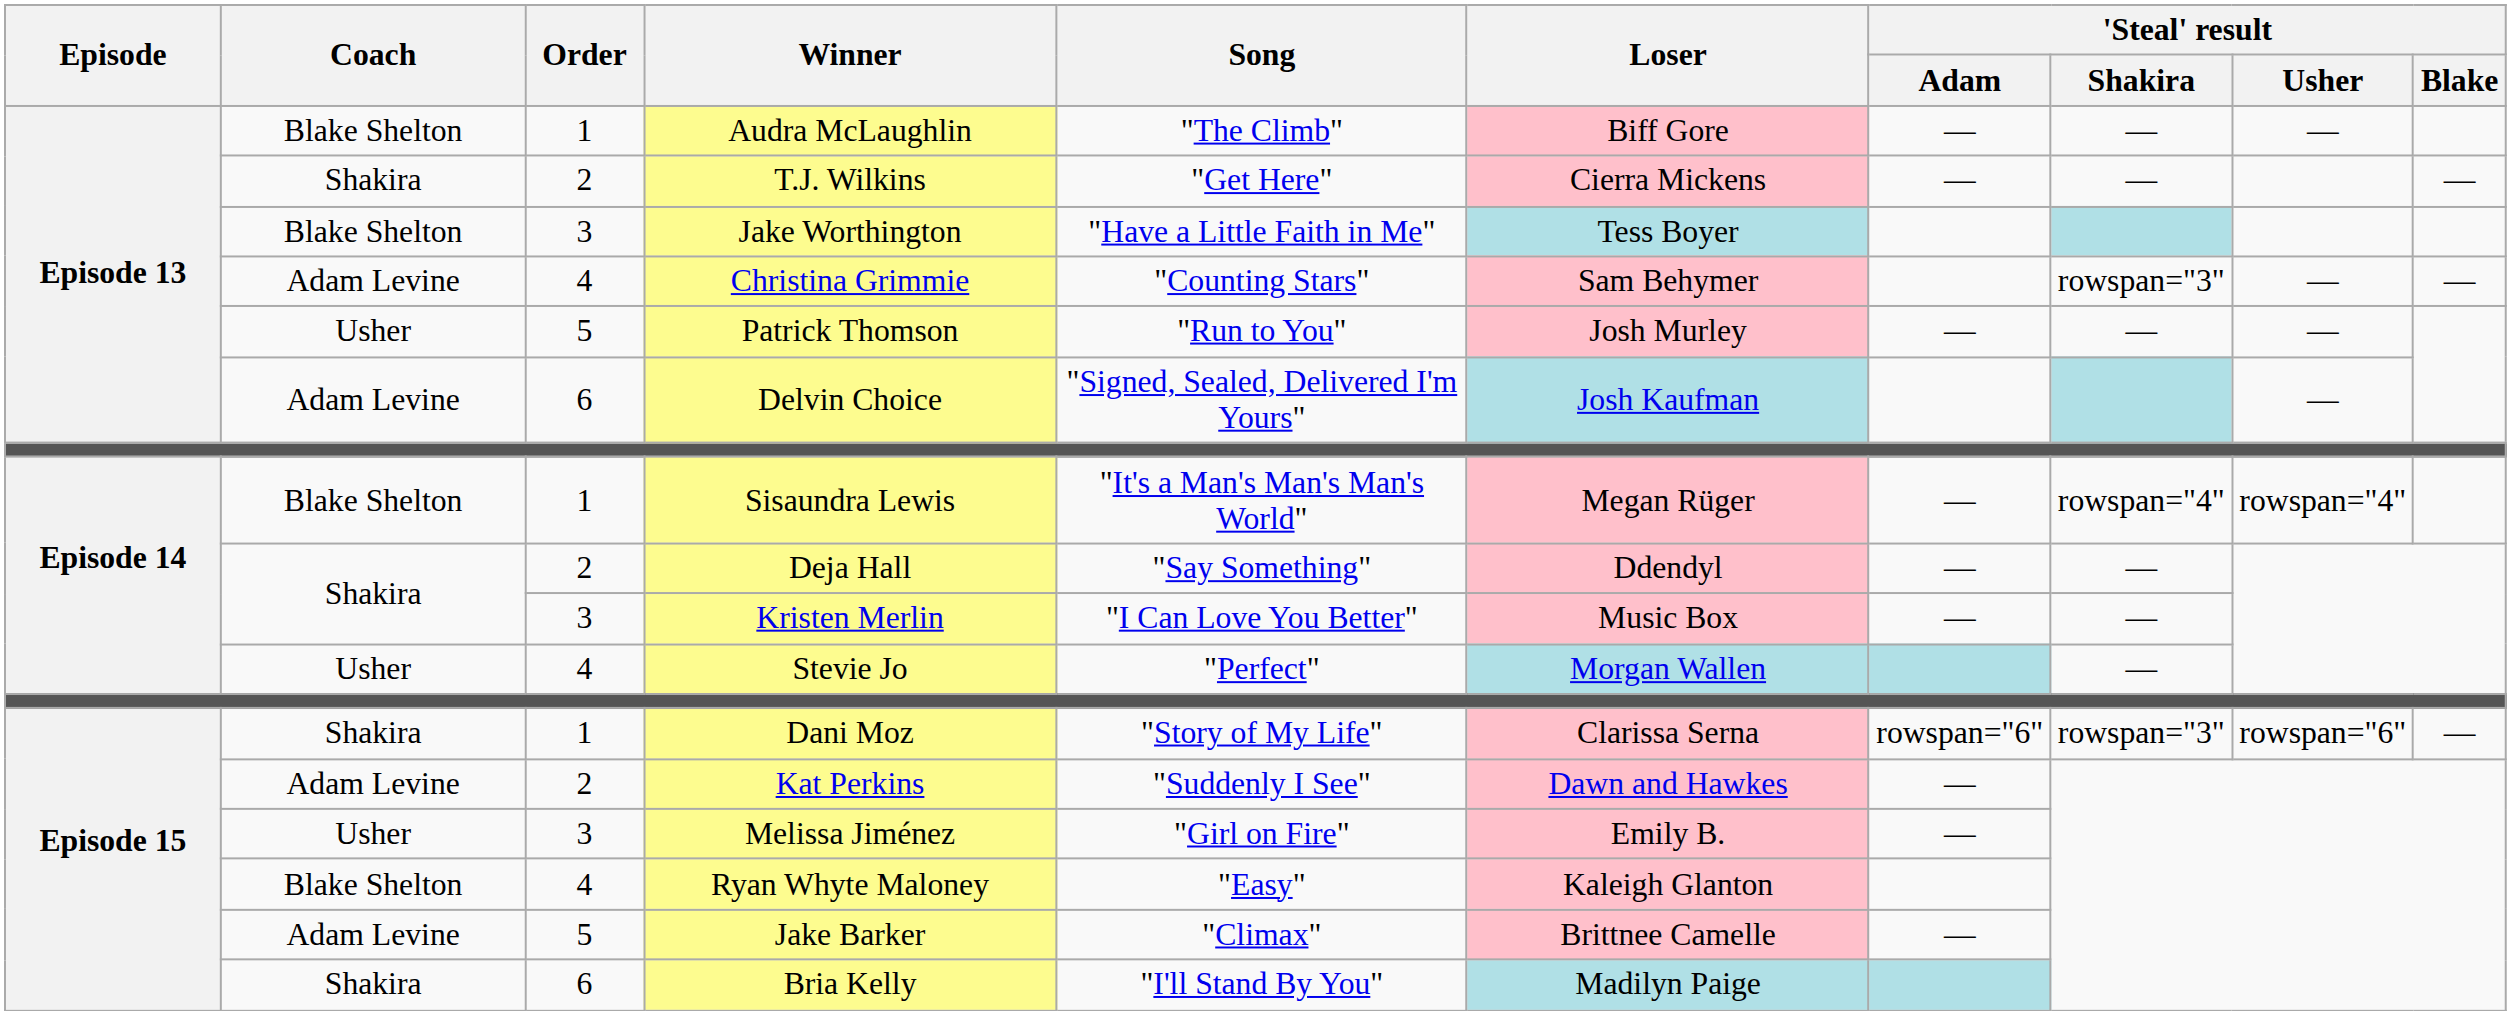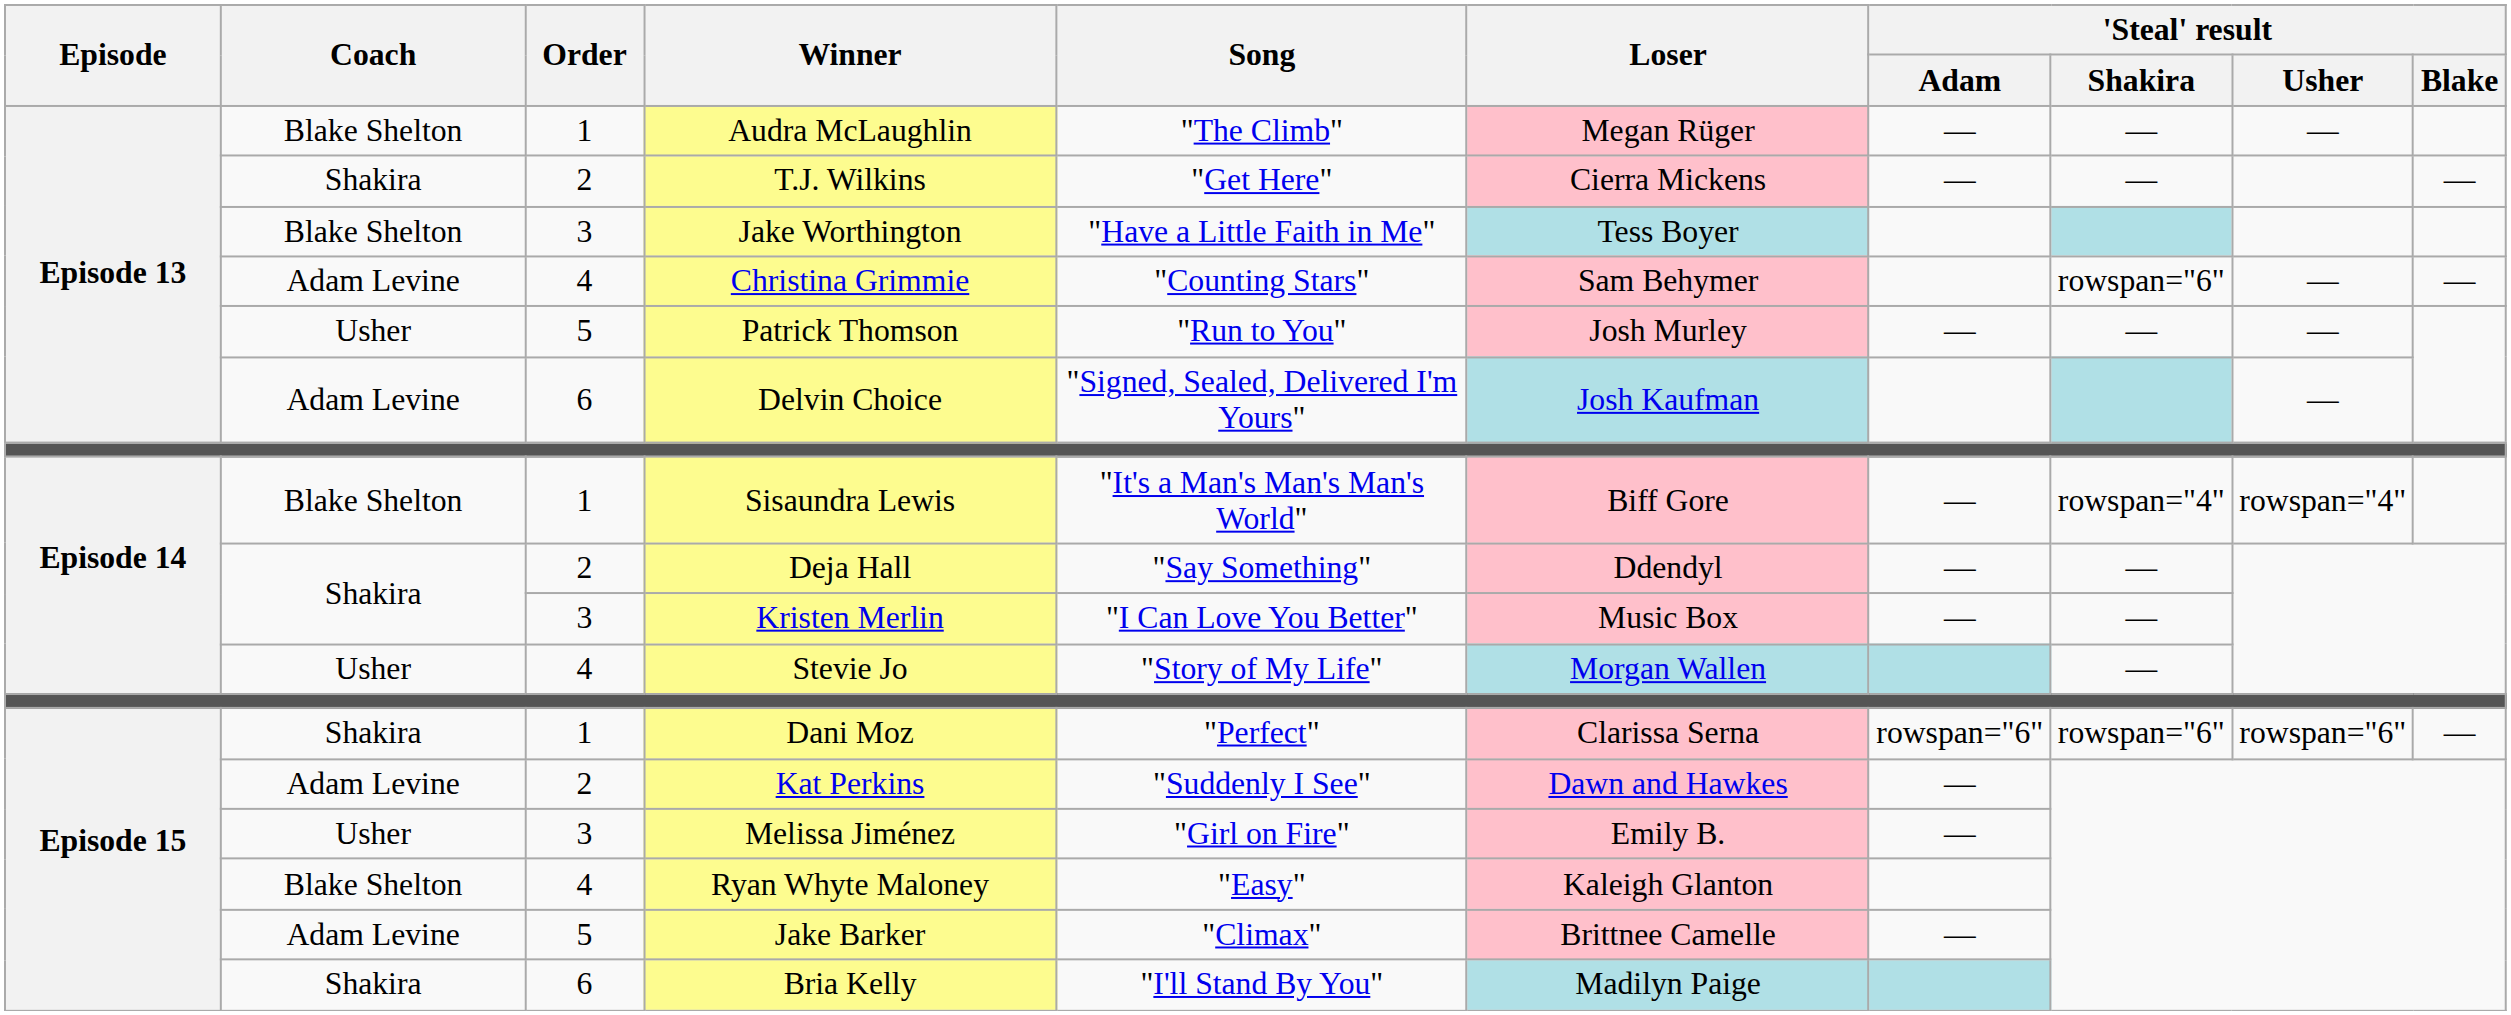 <table class="wikitable" style="text-align: center; width:100%;">
 <tr>
 <th rowspan="2" style="width:10%;">Episode</th>
 <th rowspan="2" style="width:15%;">Coach</th>
 <th rowspan="2" style="width:05%;">Order</th>
 <th rowspan="2" style="width:20%;">Winner</th>
 <th rowspan="2" style="width:20%;">Song</th>
 <th rowspan="2" style="width:20%;">Loser</th>
 <th colspan="4" style="width:20%;">'Steal' result</th>
 </tr>
 <tr>
 <th style="width:05%;">Adam</th>
 <th style="width:05%;">Shakira</th>
 <th style="width:05%;">Usher</th>
 <th style="width:05%;">Blake</th>
 </tr>
 <tr>
 <th rowspan="6">Episode 13 <br><small></small></th>
 <td>Blake Shelton</td>
 <td>1</td>
 <td style="background:#fdfc8f;">Audra McLaughlin</td>
 <td>"<a href='#'>The Climb</a>"</td>
-<td style="background:pink;">Biff Gore</td>
+<td style="background:pink;">Megan Rüger</td>
 <td>—</td>
 <td>—</td>
 <td>—</td>
 <td></td>
 </tr>
 <tr>
 <td>Shakira</td>
 <td>2</td>
 <td style="background:#fdfc8f;">T.J. Wilkins</td>
 <td>"<a href='#'>Get Here</a>"</td>
 <td style="background:pink;">Cierra Mickens</td>
 <td>—</td>
 <td>—</td>
 <td></td>
 <td>—</td>
 </tr>
 <tr>
 <td>Blake Shelton</td>
 <td>3</td>
 <td style="background:#fdfc8f;">Jake Worthington</td>
 <td>"<a href='#'>Have a Little Faith in Me</a>"</td>
 <td style="background:#B0E0E6;">Tess Boyer</td>
 <td><strong></strong></td>
 <td style="background:#B0E0E6;"><strong></strong></td>
 <td><strong></strong></td>
 <td></td>
 </tr>
 <tr>
 <td>Adam Levine</td>
 <td>4</td>
 <td style="background:#fdfc8f;"><a href='#'>Christina Grimmie</a></td>
 <td>"<a href='#'>Counting Stars</a>"</td>
 <td style="background:pink;">Sam Behymer</td>
 <td></td>
-<td>rowspan="3" </td>
+<td>rowspan="6" </td>
 <td>—</td>
 <td>—</td>
 </tr>
 <tr>
 <td>Usher</td>
 <td>5</td>
 <td style="background:#fdfc8f;">Patrick Thomson</td>
 <td>"<a href='#'>Run to You</a>"</td>
 <td style="background:pink;">Josh Murley</td>
 <td>—</td>
 <td>—</td>
 <td>—</td>
 </tr>
 <tr>
 <td>Adam Levine</td>
 <td>6</td>
 <td style="background:#fdfc8f;">Delvin Choice</td>
 <td>"<a href='#'>Signed, Sealed, Delivered I'm Yours</a>"</td>
 <td style="background:#B0E0E6;"><a href='#'>Josh Kaufman</a></td>
 <td></td>
 <td style="background:#B0E0E6;"><strong></strong></td>
 <td>—</td>
 </tr>
 <tr>
 <td colspan="10" style="background:#555;"></td>
 </tr>
 <tr>
 <th rowspan="4">Episode 14<br><br><small></small></th>
 <td>Blake Shelton</td>
 <td>1</td>
 <td style="background:#fdfc8f;">Sisaundra Lewis</td>
 <td>"<a href='#'>It's a Man's Man's Man's World</a>"</td>
-<td style="background:pink;">Megan Rüger</td>
+<td style="background:pink;">Biff Gore</td>
 <td>—</td>
 <td>rowspan="4" </td>
 <td>rowspan="4" </td>
 <td></td>
 </tr>
 <tr>
 <td rowspan=2>Shakira</td>
 <td>2</td>
 <td style="background:#fdfc8f;">Deja Hall</td>
 <td>"<a href='#'>Say Something</a>"</td>
 <td style="background:pink;">Ddendyl</td>
 <td>—</td>
 <td>—</td>
 </tr>
 <tr>
 <td>3</td>
 <td style="background:#fdfc8f;"><a href='#'>Kristen Merlin</a></td>
 <td>"<a href='#'>I Can Love You Better</a>"</td>
 <td style="background:pink;">Music Box</td>
 <td>—</td>
 <td>—</td>
 </tr>
 <tr>
 <td>Usher</td>
 <td>4</td>
 <td style="background:#fdfc8f;">Stevie Jo</td>
-<td>"<a href='#'>Perfect</a>"</td>
+<td>"<a href='#'>Story of My Life</a>"</td>
 <td style="background:#B0E0E6;"><a href='#'>Morgan Wallen</a></td>
 <td style="background:#B0E0E6;"><strong></strong></td>
 <td>—</td>
 </tr>
 <tr>
 <td colspan="10" style="background:#555;"></td>
 </tr>
 <tr>
 <th rowspan="6">Episode 15<br><br><small></small></th>
 <td>Shakira</td>
 <td>1</td>
 <td style="background:#fdfc8f;">Dani Moz</td>
-<td>"<a href='#'>Story of My Life</a>"</td>
+<td>"<a href='#'>Perfect</a>"</td>
 <td style="background:pink;">Clarissa Serna</td>
 <td>rowspan="6" </td>
-<td>rowspan="3" </td>
+<td>rowspan="6" </td>
 <td>rowspan="6" </td>
 <td>—</td>
 </tr>
 <tr>
 <td>Adam Levine</td>
 <td>2</td>
 <td style="background:#fdfc8f;"><a href='#'>Kat Perkins</a></td>
 <td>"<a href='#'>Suddenly I See</a>"</td>
 <td style="background:pink;"><a href='#'>Dawn and Hawkes</a></td>
 <td>—</td>
 </tr>
 <tr>
 <td>Usher</td>
 <td>3</td>
 <td style="background:#fdfc8f;">Melissa Jiménez</td>
 <td>"<a href='#'>Girl on Fire</a>"</td>
 <td style="background:pink;">Emily B.</td>
 <td>—</td>
 </tr>
 <tr>
 <td>Blake Shelton</td>
 <td>4</td>
 <td style="background:#fdfc8f;">Ryan Whyte Maloney</td>
 <td>"<a href='#'>Easy</a>"</td>
 <td style="background:pink;">Kaleigh Glanton</td>
 <td></td>
 </tr>
 <tr>
 <td>Adam Levine</td>
 <td>5</td>
 <td style="background:#fdfc8f;">Jake Barker</td>
 <td>"<a href='#'>Climax</a>"</td>
 <td style="background:pink;">Brittnee Camelle</td>
 <td>—</td>
 </tr>
 <tr>
 <td>Shakira</td>
 <td>6</td>
 <td style="background:#fdfc8f;">Bria Kelly</td>
 <td>"<a href='#'>I'll Stand By You</a>"</td>
 <td style="background:#B0E0E6;">Madilyn Paige</td>
 <td style="background:#B0E0E6;"><strong></strong></td>
 </tr>
 </table>
